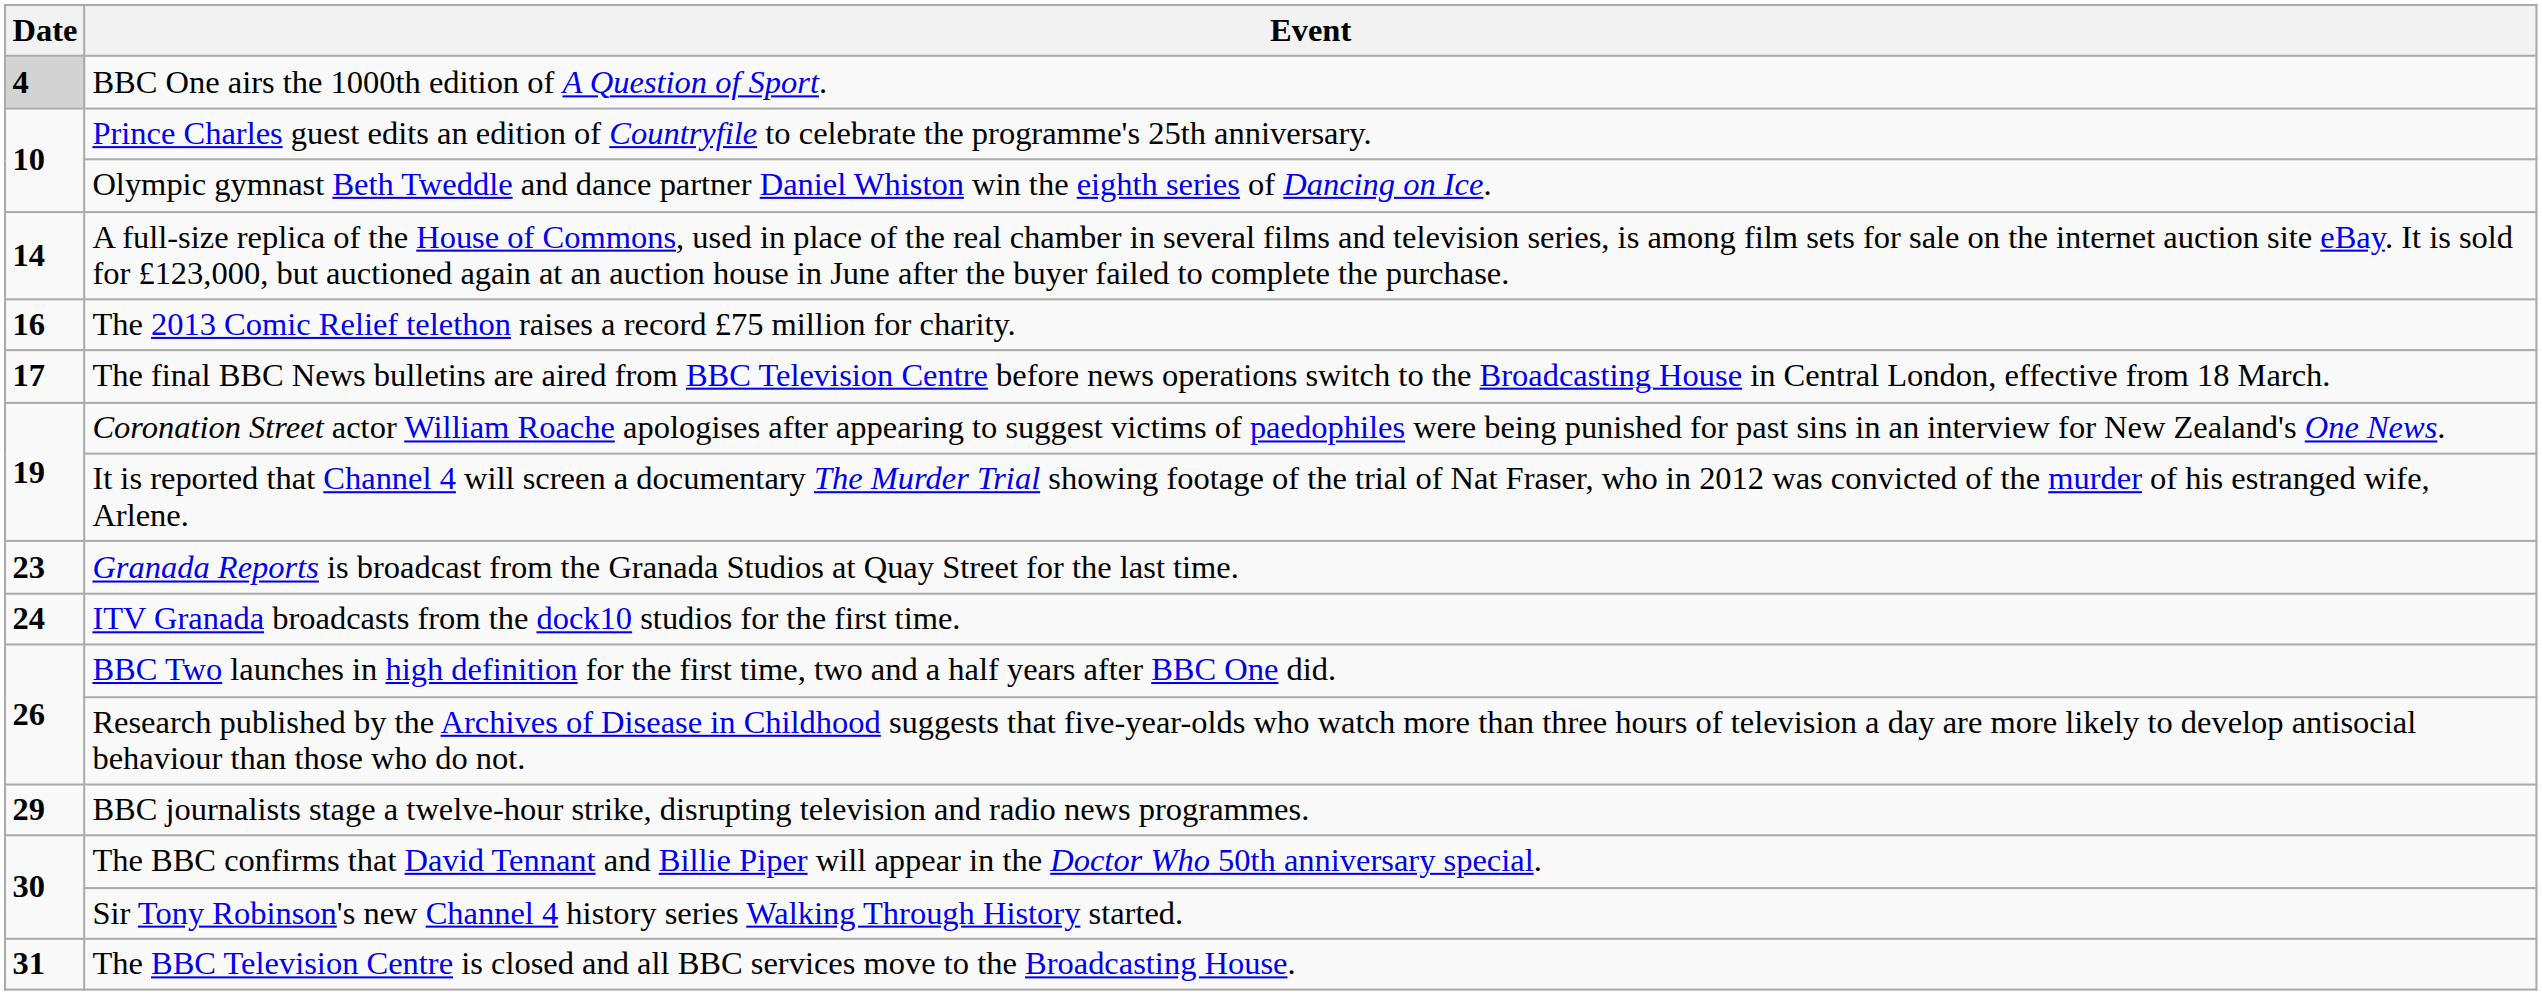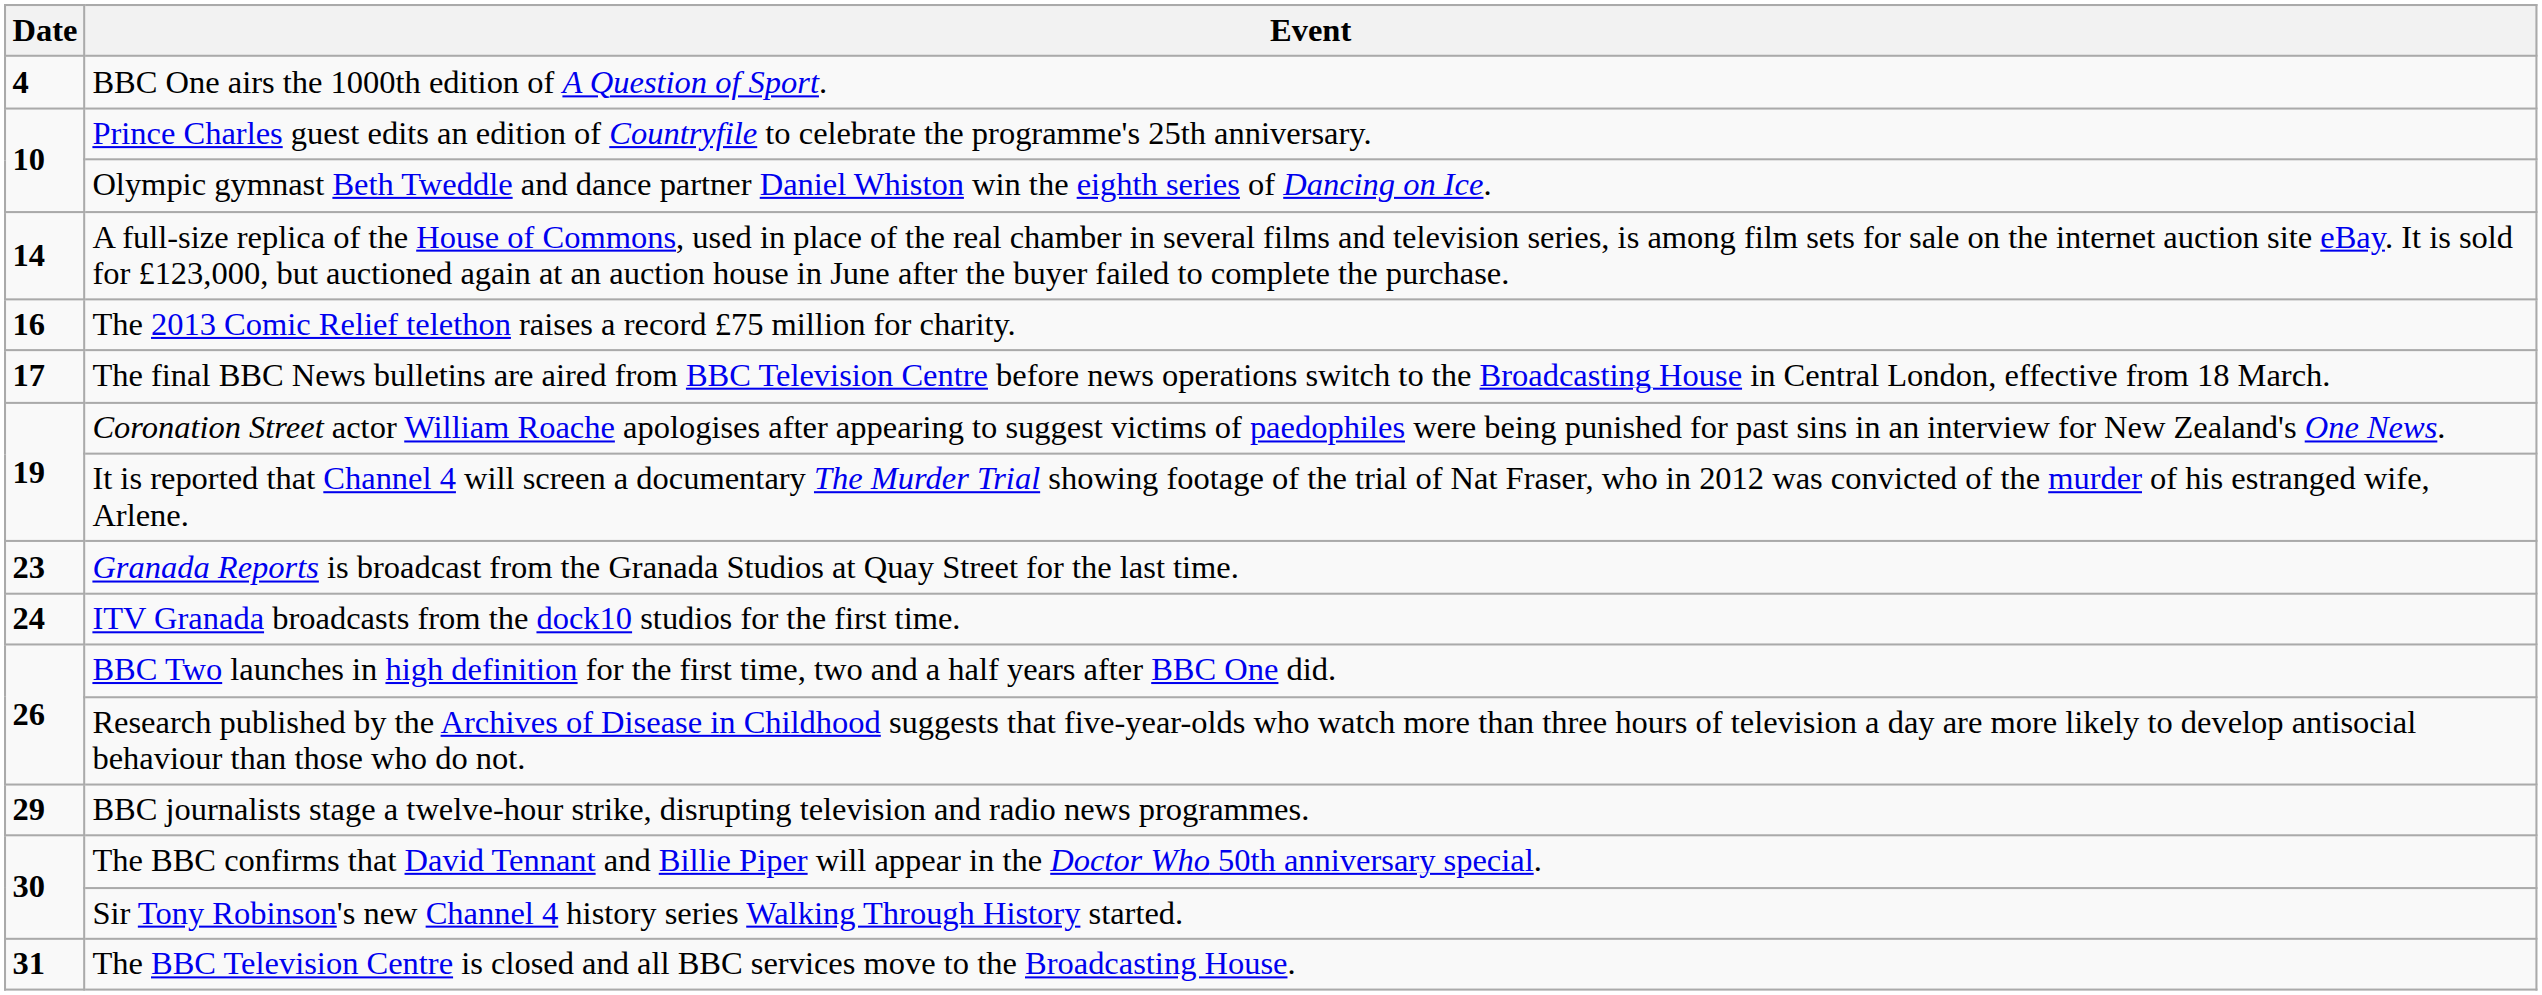 <table class="wikitable">
 <tr>
 <th>Date</th>
 <th>Event</th>
 </tr>
 <tr>
-<td style="background: lightgrey;"><strong>4</strong></td>
+<td><strong>4</strong></td>
 <td>BBC One airs the 1000th edition of <em><a href='#'>A Question of Sport</a></em>.</td>
 </tr>
 <tr>
 <td rowspan=2><strong>10</strong></td>
 <td><a href='#'>Prince Charles</a> guest edits an edition of <em><a href='#'>Countryfile</a></em> to celebrate the programme's 25th anniversary.</td>
 </tr>
 <tr>
 <td>Olympic gymnast <a href='#'>Beth Tweddle</a> and dance partner <a href='#'>Daniel Whiston</a> win the <a href='#'>eighth series</a> of <em><a href='#'>Dancing on Ice</a></em>.</td>
 </tr>
 <tr>
 <td><strong>14</strong></td>
 <td>A full-size replica of the <a href='#'>House of Commons</a>, used in place of the real chamber in several films and television series, is among film sets for sale on the internet auction site <a href='#'>eBay</a>. It is sold for £123,000, but auctioned again at an auction house in June after the buyer failed to complete the purchase.</td>
 </tr>
 <tr>
 <td><strong>16</strong></td>
 <td>The <a href='#'>2013 Comic Relief telethon</a> raises a record £75 million for charity.</td>
 </tr>
 <tr>
 <td><strong>17</strong></td>
 <td>The final BBC News bulletins are aired from <a href='#'>BBC Television Centre</a> before news operations switch to the <a href='#'>Broadcasting House</a> in Central London, effective from 18 March.</td>
 </tr>
 <tr>
 <td rowspan=2><strong>19</strong></td>
 <td><em>Coronation Street</em> actor <a href='#'>William Roache</a> apologises after appearing to suggest victims of <a href='#'>paedophiles</a> were being punished for past sins in an interview for New Zealand's <em><a href='#'>One News</a></em>.</td>
 </tr>
 <tr>
 <td>It is reported that <a href='#'>Channel 4</a> will screen a documentary <em><a href='#'>The Murder Trial</a></em> showing footage of the trial of Nat Fraser, who in 2012 was convicted of the <a href='#'>murder</a> of his estranged wife, Arlene.</td>
 </tr>
 <tr>
 <td><strong>23</strong></td>
 <td><em><a href='#'>Granada Reports</a></em> is broadcast from the Granada Studios at Quay Street for the last time.</td>
 </tr>
 <tr>
 <td><strong>24</strong></td>
 <td><a href='#'>ITV Granada</a> broadcasts from the <a href='#'>dock10</a> studios for the first time.</td>
 </tr>
 <tr>
 <td rowspan=2><strong>26</strong></td>
 <td><a href='#'>BBC Two</a> launches in <a href='#'>high definition</a> for the first time, two and a half years after <a href='#'>BBC One</a> did.</td>
 </tr>
 <tr>
 <td>Research published by the <a href='#'>Archives of Disease in Childhood</a> suggests that five-year-olds who watch more than three hours of television a day are more likely to develop antisocial behaviour than those who do not.</td>
 </tr>
 <tr>
 <td><strong>29</strong></td>
 <td>BBC journalists stage a twelve-hour strike, disrupting television and radio news programmes.</td>
 </tr>
 <tr>
 <td rowspan=2><strong>30</strong></td>
 <td>The BBC confirms that <a href='#'>David Tennant</a> and <a href='#'>Billie Piper</a> will appear in the <a href='#'><em>Doctor Who</em> 50th anniversary special</a>.</td>
 </tr>
 <tr>
 <td>Sir <a href='#'>Tony Robinson</a>'s new <a href='#'>Channel 4</a> history series <a href='#'>Walking Through History</a> started.</td>
 </tr>
 <tr>
 <td><strong>31</strong></td>
 <td>The <a href='#'>BBC Television Centre</a> is closed and all BBC services move to the <a href='#'>Broadcasting House</a>.</td>
 </tr>
 </table>
